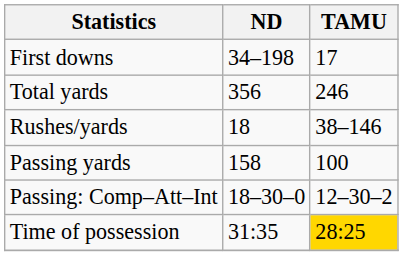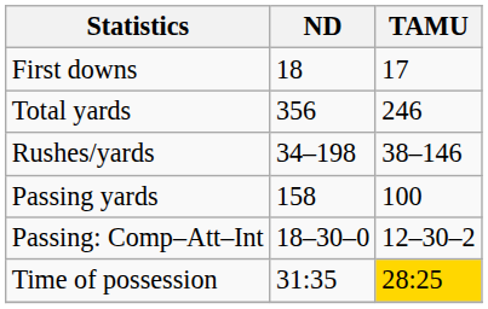 <table class="wikitable" style="float: left;">
 <tr>
 <th>Statistics</th>
 <th>ND</th>
 <th>TAMU</th>
 </tr>
 <tr>
 <td>First downs</td>
-<td>34–198</td>
+<td>18</td>
 <td>17</td>
 </tr>
 <tr>
 <td>Total yards</td>
 <td>356</td>
 <td>246</td>
 </tr>
 <tr>
 <td>Rushes/yards</td>
-<td>18</td>
+<td>34–198</td>
 <td>38–146</td>
 </tr>
 <tr>
 <td>Passing yards</td>
 <td>158</td>
 <td>100</td>
 </tr>
 <tr>
 <td>Passing: Comp–Att–Int</td>
 <td>18–30–0</td>
 <td>12–30–2</td>
 </tr>
 <tr>
 <td>Time of possession</td>
 <td>31:35</td>
 <td style="background: gold;">28:25</td>
 </tr>
 <tr>
 </tr>
 </table>
